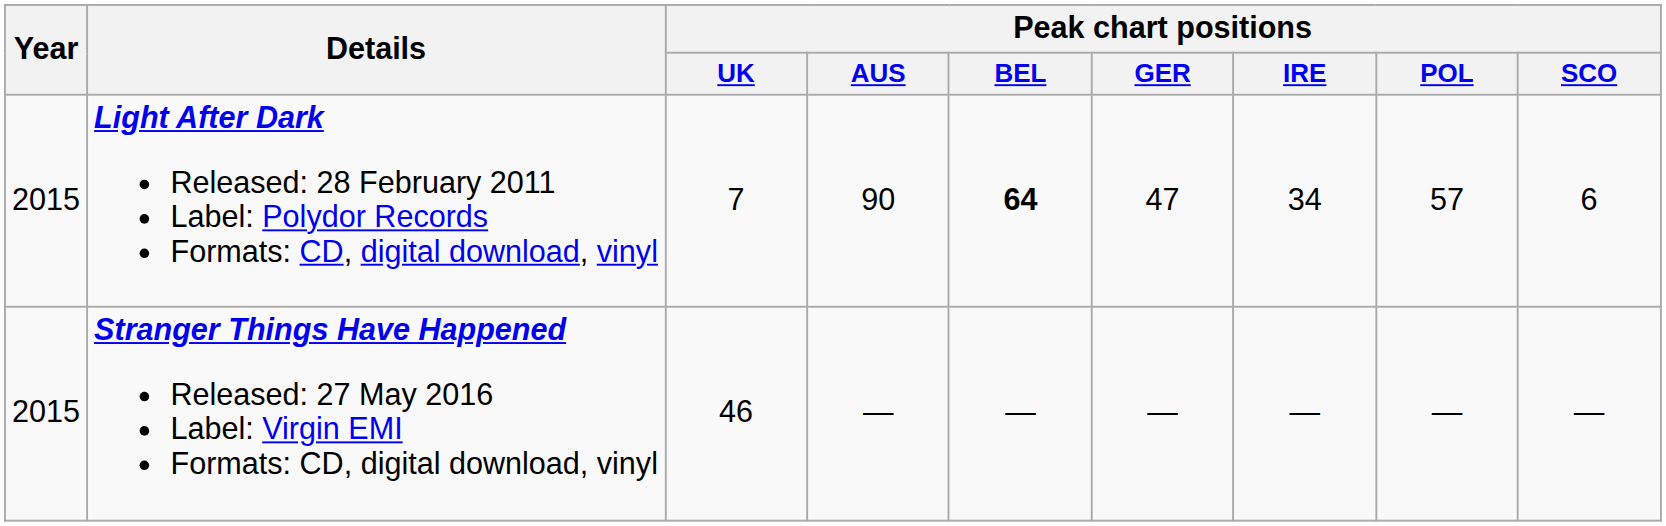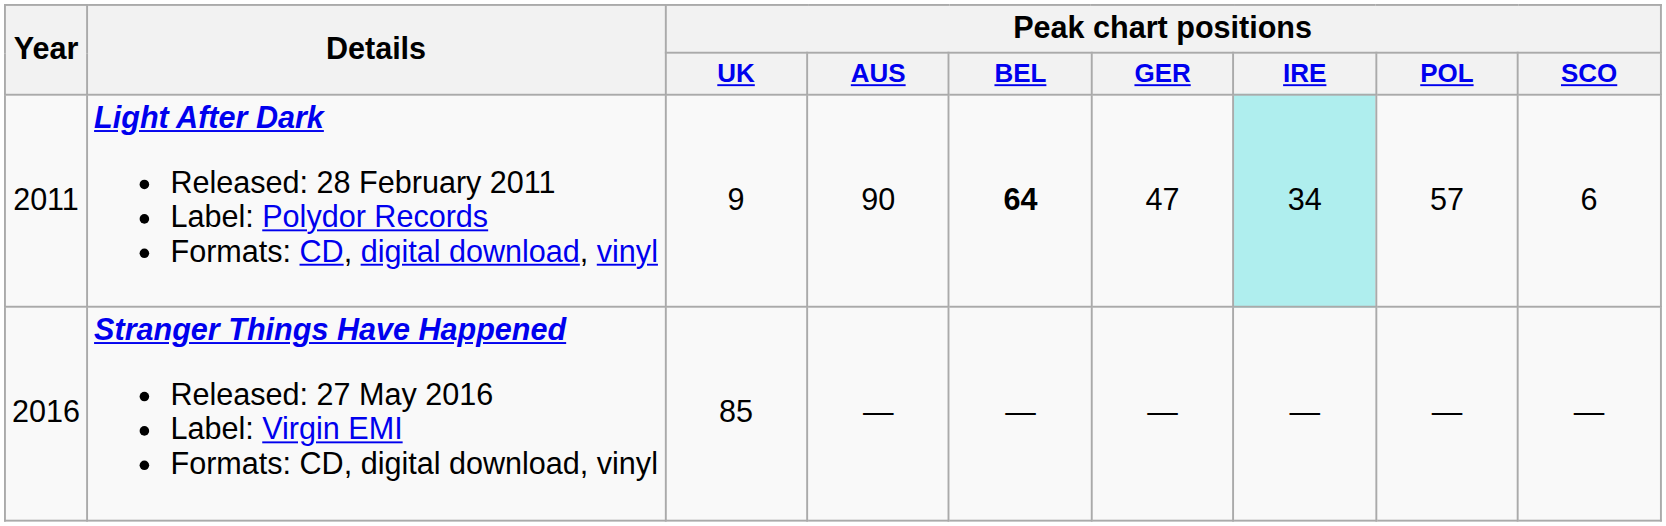 <table class="wikitable" style="text-align:center;">
 <tr>
 <th rowspan="2">Year</th>
 <th rowspan="2">Details</th>
 <th colspan="7">Peak chart positions</th>
 </tr>
 <tr>
 <th style="width:5em;font-size:85%"><a href='#'>UK</a></th>
 <th style="width:5em;font-size:85%"><a href='#'>AUS</a><br></th>
 <th style="width:5em;font-size:85%"><a href='#'>BEL</a></th>
 <th style="width:5em;font-size:85%"><a href='#'>GER</a><br></th>
 <th style="width:5em;font-size:85%"><a href='#'>IRE</a><br></th>
 <th style="width:5em;font-size:85%"><a href='#'>POL</a></th>
 <th style="width:5em;font-size:85%"><a href='#'>SCO</a></th>
 </tr>
 <tr>
-<td>2015</td>
+<td>2011</td>
 <td style="text-align:left;"><strong><em><a href='#'>Light After Dark</a></em></strong><br><ul><li>Released: 28 February 2011</li><li>Label: <a href='#'>Polydor Records</a></li><li>Formats: <a href='#'>CD</a>, <a href='#'>digital download</a>, <a href='#'>vinyl</a></li></ul></td>
-<td>7</td>
+<td>9</td>
 <td>90</td>
 <td><strong>64</strong></td>
 <td>47</td>
-<td>34</td>
+<td style="background: paleturquoise;">34</td>
 <td>57</td>
 <td>6</td>
 </tr>
 <tr>
-<td>2015</td>
+<td>2016</td>
 <td style="text-align:left;"><strong><em><a href='#'>Stranger Things Have Happened</a></em></strong><br><ul><li>Released: 27 May 2016</li><li>Label: <a href='#'>Virgin EMI</a></li><li>Formats: CD, digital download, vinyl</li></ul></td>
-<td>46</td>
+<td>85</td>
 <td>—</td>
 <td>—</td>
 <td>—</td>
 <td>—</td>
 <td>—</td>
 <td>—</td>
 </tr>
 </table>
